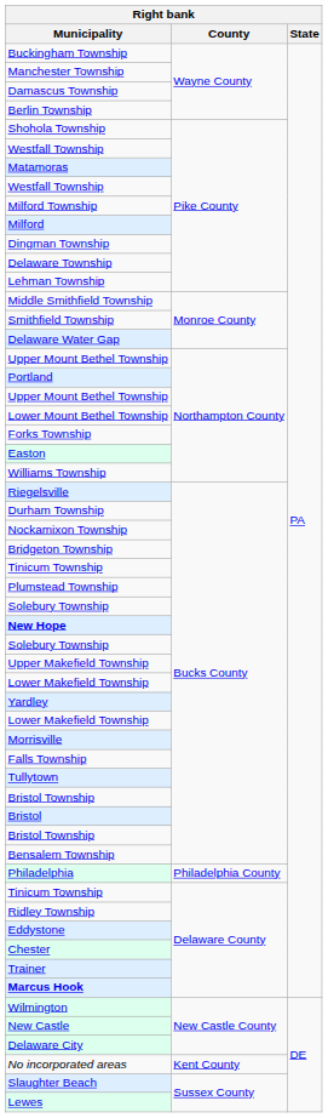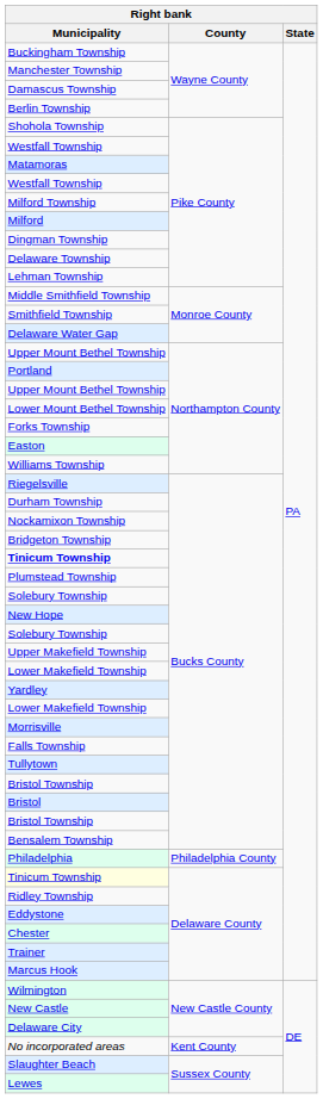 <table class="wikitable">
 <tr>
 <th colspan=3>Right bank</th>
 </tr>
 <tr>
 <th>Municipality</th>
 <th>County</th>
 <th>State</th>
 </tr>
 <tr>
 <td><a href='#'>Buckingham Township</a></td>
 <td rowspan=4><a href='#'>Wayne County</a></td>
 <td rowspan=50><a href='#'>PA</a></td>
 </tr>
 <tr>
 <td><a href='#'>Manchester Township</a></td>
 </tr>
 <tr>
 <td><a href='#'>Damascus Township</a></td>
 </tr>
 <tr>
 <td><a href='#'>Berlin Township</a></td>
 </tr>
 <tr>
 <td><a href='#'>Shohola Township</a></td>
 <td rowspan=9><a href='#'>Pike County</a></td>
 </tr>
 <tr>
 <td><a href='#'>Westfall Township</a></td>
 </tr>
 <tr>
 <td bgcolor=ddeeff><a href='#'>Matamoras</a></td>
 </tr>
 <tr>
 <td><a href='#'>Westfall Township</a></td>
 </tr>
 <tr>
 <td><a href='#'>Milford Township</a></td>
 </tr>
 <tr>
 <td bgcolor=ddeeff><a href='#'>Milford</a></td>
 </tr>
 <tr>
 <td><a href='#'>Dingman Township</a></td>
 </tr>
 <tr>
 <td><a href='#'>Delaware Township</a></td>
 </tr>
 <tr>
 <td><a href='#'>Lehman Township</a></td>
 </tr>
 <tr>
 <td><a href='#'>Middle Smithfield Township</a></td>
 <td rowspan=3><a href='#'>Monroe County</a></td>
 </tr>
 <tr>
 <td><a href='#'>Smithfield Township</a></td>
 </tr>
 <tr>
 <td bgcolor=ddeeff><a href='#'>Delaware Water Gap</a></td>
 </tr>
 <tr>
 <td><a href='#'>Upper Mount Bethel Township</a></td>
 <td rowspan=7><a href='#'>Northampton County</a></td>
 </tr>
 <tr>
 <td bgcolor=ddeeff><a href='#'>Portland</a></td>
 </tr>
 <tr>
 <td><a href='#'>Upper Mount Bethel Township</a></td>
 </tr>
 <tr>
 <td><a href='#'>Lower Mount Bethel Township</a></td>
 </tr>
 <tr>
 <td><a href='#'>Forks Township</a></td>
 </tr>
 <tr>
 <td bgcolor=ddffed><a href='#'>Easton</a></td>
 </tr>
 <tr>
 <td><a href='#'>Williams Township</a></td>
 </tr>
 <tr>
 <td bgcolor=ddeeff><a href='#'>Riegelsville</a></td>
 <td rowspan=20><a href='#'>Bucks County</a></td>
 </tr>
 <tr>
 <td><a href='#'>Durham Township</a></td>
 </tr>
 <tr>
 <td><a href='#'>Nockamixon Township</a></td>
 </tr>
 <tr>
 <td><a href='#'>Bridgeton Township</a></td>
 </tr>
 <tr>
-<td><a href='#'>Tinicum Township</a></td>
+<td><strong><a href='#'>Tinicum Township</a></strong></td>
 </tr>
 <tr>
 <td><a href='#'>Plumstead Township</a></td>
 </tr>
 <tr>
 <td><a href='#'>Solebury Township</a></td>
 </tr>
 <tr>
-<td bgcolor=ddeeff><strong><a href='#'>New Hope</a></strong></td>
+<td bgcolor=ddeeff><a href='#'>New Hope</a></td>
 </tr>
 <tr>
 <td><a href='#'>Solebury Township</a></td>
 </tr>
 <tr>
 <td><a href='#'>Upper Makefield Township</a></td>
 </tr>
 <tr>
 <td><a href='#'>Lower Makefield Township</a></td>
 </tr>
 <tr>
 <td bgcolor=ddeeff><a href='#'>Yardley</a></td>
 </tr>
 <tr>
 <td><a href='#'>Lower Makefield Township</a></td>
 </tr>
 <tr>
 <td bgcolor=ddeeff><a href='#'>Morrisville</a></td>
 </tr>
 <tr>
 <td><a href='#'>Falls Township</a></td>
 </tr>
 <tr>
 <td bgcolor=ddeeff><a href='#'>Tullytown</a></td>
 </tr>
 <tr>
 <td><a href='#'>Bristol Township</a></td>
 </tr>
 <tr>
 <td bgcolor=ddeeff><a href='#'>Bristol</a></td>
 </tr>
 <tr>
 <td><a href='#'>Bristol Township</a></td>
 </tr>
 <tr>
 <td><a href='#'>Bensalem Township</a></td>
 </tr>
 <tr>
 <td bgcolor=ddffed><a href='#'>Philadelphia</a></td>
 <td><a href='#'>Philadelphia County</a></td>
 </tr>
 <tr>
-<td><a href='#'>Tinicum Township</a></td>
+<td style="background: lightyellow;"><a href='#'>Tinicum Township</a></td>
 <td rowspan=6><a href='#'>Delaware County</a></td>
 </tr>
 <tr>
 <td><a href='#'>Ridley Township</a></td>
 </tr>
 <tr>
 <td bgcolor=ddeeff><a href='#'>Eddystone</a></td>
 </tr>
 <tr>
 <td bgcolor=ddffed><a href='#'>Chester</a></td>
 </tr>
 <tr>
 <td bgcolor=ddeeff><a href='#'>Trainer</a></td>
 </tr>
 <tr>
-<td bgcolor=ddeeff><strong><a href='#'>Marcus Hook</a></strong></td>
+<td bgcolor=ddeeff><a href='#'>Marcus Hook</a></td>
 </tr>
 <tr>
 <td bgcolor=ddffed><a href='#'>Wilmington</a></td>
 <td rowspan=3><a href='#'>New Castle County</a></td>
 <td rowspan=6><a href='#'>DE</a></td>
 </tr>
 <tr>
 <td bgcolor=ddffed><a href='#'>New Castle</a></td>
 </tr>
 <tr>
 <td bgcolor=ddffed><a href='#'>Delaware City</a></td>
 </tr>
 <tr>
 <td><em>No incorporated areas</em></td>
 <td><a href='#'>Kent County</a></td>
 </tr>
 <tr>
 <td bgcolor=ddeeff><a href='#'>Slaughter Beach</a></td>
 <td rowspan=2><a href='#'>Sussex County</a></td>
 </tr>
 <tr>
 <td bgcolor=ddffed><a href='#'>Lewes</a></td>
 </tr>
 </table>
